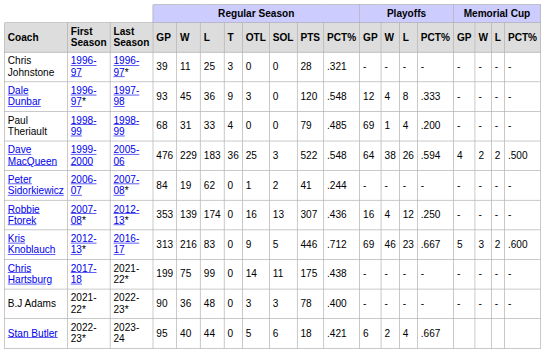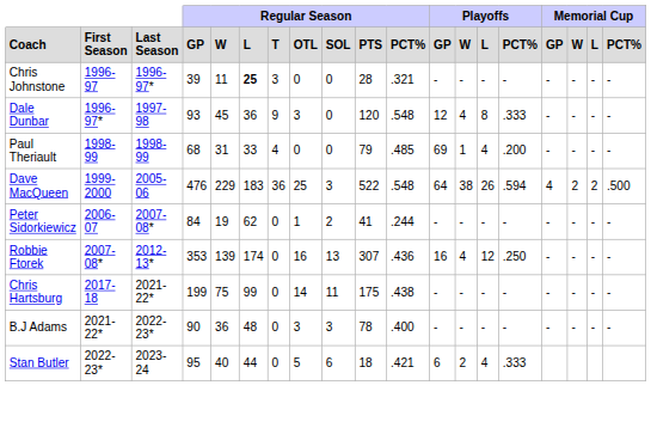 <table class="sortable" border="1" cellpadding="5" cellspacing="1" bgcolor="#ffffff" style="border: 1px #aaaaaa solid; border-collapse: collapse;">
 <tr align="center" bgcolor="#fff">
 <th colspan="3" style="border-top: 1px solid #FFF; border-left: 1px solid #FFF;"></th>
 <th bgcolor="#ccf" colspan="8">Regular Season</th>
 <th bgcolor="#ccf" colspan="4">Playoffs</th>
 <th bgcolor="#ccf" colspan="4">Memorial Cup</th>
 </tr>
 <tr align="left" bgcolor="#ddd">
 <th>Coach</th>
 <th>First Season</th>
 <th>Last Season</th>
 <th>GP</th>
 <th>W</th>
 <th>L</th>
 <th>T</th>
 <th>OTL</th>
 <th>SOL</th>
 <th>PTS</th>
 <th>PCT%</th>
 <th>GP</th>
 <th>W</th>
 <th>L</th>
 <th>PCT%</th>
 <th>GP</th>
 <th>W</th>
 <th>L</th>
 <th>PCT%</th>
 </tr>
 <tr>
 <td>Chris Johnstone</td>
 <td><a href='#'>1996-97</a></td>
 <td><a href='#'>1996-97</a>*</td>
 <td>39</td>
 <td>11</td>
-<td>25</td>
+<td><strong>25</strong></td>
 <td>3</td>
 <td>0</td>
 <td>0</td>
 <td>28</td>
 <td>.321</td>
 <td>-</td>
 <td>-</td>
 <td>-</td>
 <td>-</td>
 <td>-</td>
 <td>-</td>
 <td>-</td>
 <td>-</td>
 </tr>
 <tr>
 <td><a href='#'>Dale Dunbar</a></td>
 <td><a href='#'>1996-97</a>*</td>
 <td><a href='#'>1997-98</a></td>
 <td>93</td>
 <td>45</td>
 <td>36</td>
 <td>9</td>
 <td>3</td>
 <td>0</td>
 <td>120</td>
 <td>.548</td>
 <td>12</td>
 <td>4</td>
 <td>8</td>
 <td>.333</td>
 <td>-</td>
 <td>-</td>
 <td>-</td>
 <td>-</td>
 </tr>
 <tr>
 <td>Paul Theriault</td>
 <td><a href='#'>1998-99</a></td>
 <td><a href='#'>1998-99</a></td>
 <td>68</td>
 <td>31</td>
 <td>33</td>
 <td>4</td>
 <td>0</td>
 <td>0</td>
 <td>79</td>
 <td>.485</td>
 <td>69</td>
 <td>1</td>
 <td>4</td>
 <td>.200</td>
 <td>-</td>
 <td>-</td>
 <td>-</td>
 <td>-</td>
 </tr>
 <tr>
 <td><a href='#'>Dave MacQueen</a></td>
 <td><a href='#'>1999-2000</a></td>
 <td><a href='#'>2005-06</a></td>
 <td>476</td>
 <td>229</td>
 <td>183</td>
 <td>36</td>
 <td>25</td>
 <td>3</td>
 <td>522</td>
 <td>.548</td>
 <td>64</td>
 <td>38</td>
 <td>26</td>
 <td>.594</td>
 <td>4</td>
 <td>2</td>
 <td>2</td>
 <td>.500</td>
 </tr>
 <tr>
 <td><a href='#'>Peter Sidorkiewicz</a></td>
 <td><a href='#'>2006-07</a></td>
 <td><a href='#'>2007-08</a>*</td>
 <td>84</td>
 <td>19</td>
 <td>62</td>
 <td>0</td>
 <td>1</td>
 <td>2</td>
 <td>41</td>
 <td>.244</td>
 <td>-</td>
 <td>-</td>
 <td>-</td>
 <td>-</td>
 <td>-</td>
 <td>-</td>
 <td>-</td>
 <td>-</td>
 </tr>
 <tr>
 <td><a href='#'>Robbie Ftorek</a></td>
 <td><a href='#'>2007-08</a>*</td>
 <td><a href='#'>2012-13</a>*</td>
 <td>353</td>
 <td>139</td>
 <td>174</td>
 <td>0</td>
 <td>16</td>
 <td>13</td>
 <td>307</td>
 <td>.436</td>
 <td>16</td>
 <td>4</td>
 <td>12</td>
 <td>.250</td>
 <td>-</td>
 <td>-</td>
 <td>-</td>
 <td>-</td>
 </tr>
 <tr>
-<td><a href='#'>Kris Knoblauch</a></td>
-<td><a href='#'>2012-13</a>*</td>
-<td><a href='#'>2016-17</a></td>
-<td>313</td>
-<td>216</td>
-<td>83</td>
-<td>0</td>
-<td>9</td>
-<td>5</td>
-<td>446</td>
-<td>.712</td>
-<td>69</td>
-<td>46</td>
-<td>23</td>
-<td>.667</td>
-<td>5</td>
-<td>3</td>
-<td>2</td>
-<td>.600</td>
-</tr>
-<tr>
 <td><a href='#'>Chris Hartsburg</a></td>
 <td><a href='#'>2017-18</a></td>
 <td>2021-22*</td>
 <td>199</td>
 <td>75</td>
 <td>99</td>
 <td>0</td>
 <td>14</td>
 <td>11</td>
 <td>175</td>
 <td>.438</td>
 <td>-</td>
 <td>-</td>
 <td>-</td>
 <td>-</td>
 <td>-</td>
 <td>-</td>
 <td>-</td>
 <td>-</td>
 </tr>
 <tr>
 <td>B.J Adams</td>
 <td>2021-22*</td>
 <td>2022-23*</td>
 <td>90</td>
 <td>36</td>
 <td>48</td>
 <td>0</td>
 <td>3</td>
 <td>3</td>
 <td>78</td>
 <td>.400</td>
 <td>-</td>
 <td>-</td>
 <td>-</td>
 <td>-</td>
 <td>-</td>
 <td>-</td>
 <td>-</td>
 <td>-</td>
 </tr>
 <tr>
 <td><a href='#'>Stan Butler</a></td>
 <td>2022-23*</td>
 <td>2023-24</td>
 <td>95</td>
 <td>40</td>
 <td>44</td>
 <td>0</td>
 <td>5</td>
 <td>6</td>
 <td>18</td>
 <td>.421</td>
 <td>6</td>
 <td>2</td>
 <td>4</td>
-<td>.667</td>
+<td>.333</td>
 <td></td>
 <td></td>
 <td></td>
 <td></td>
 </tr>
 </table>
